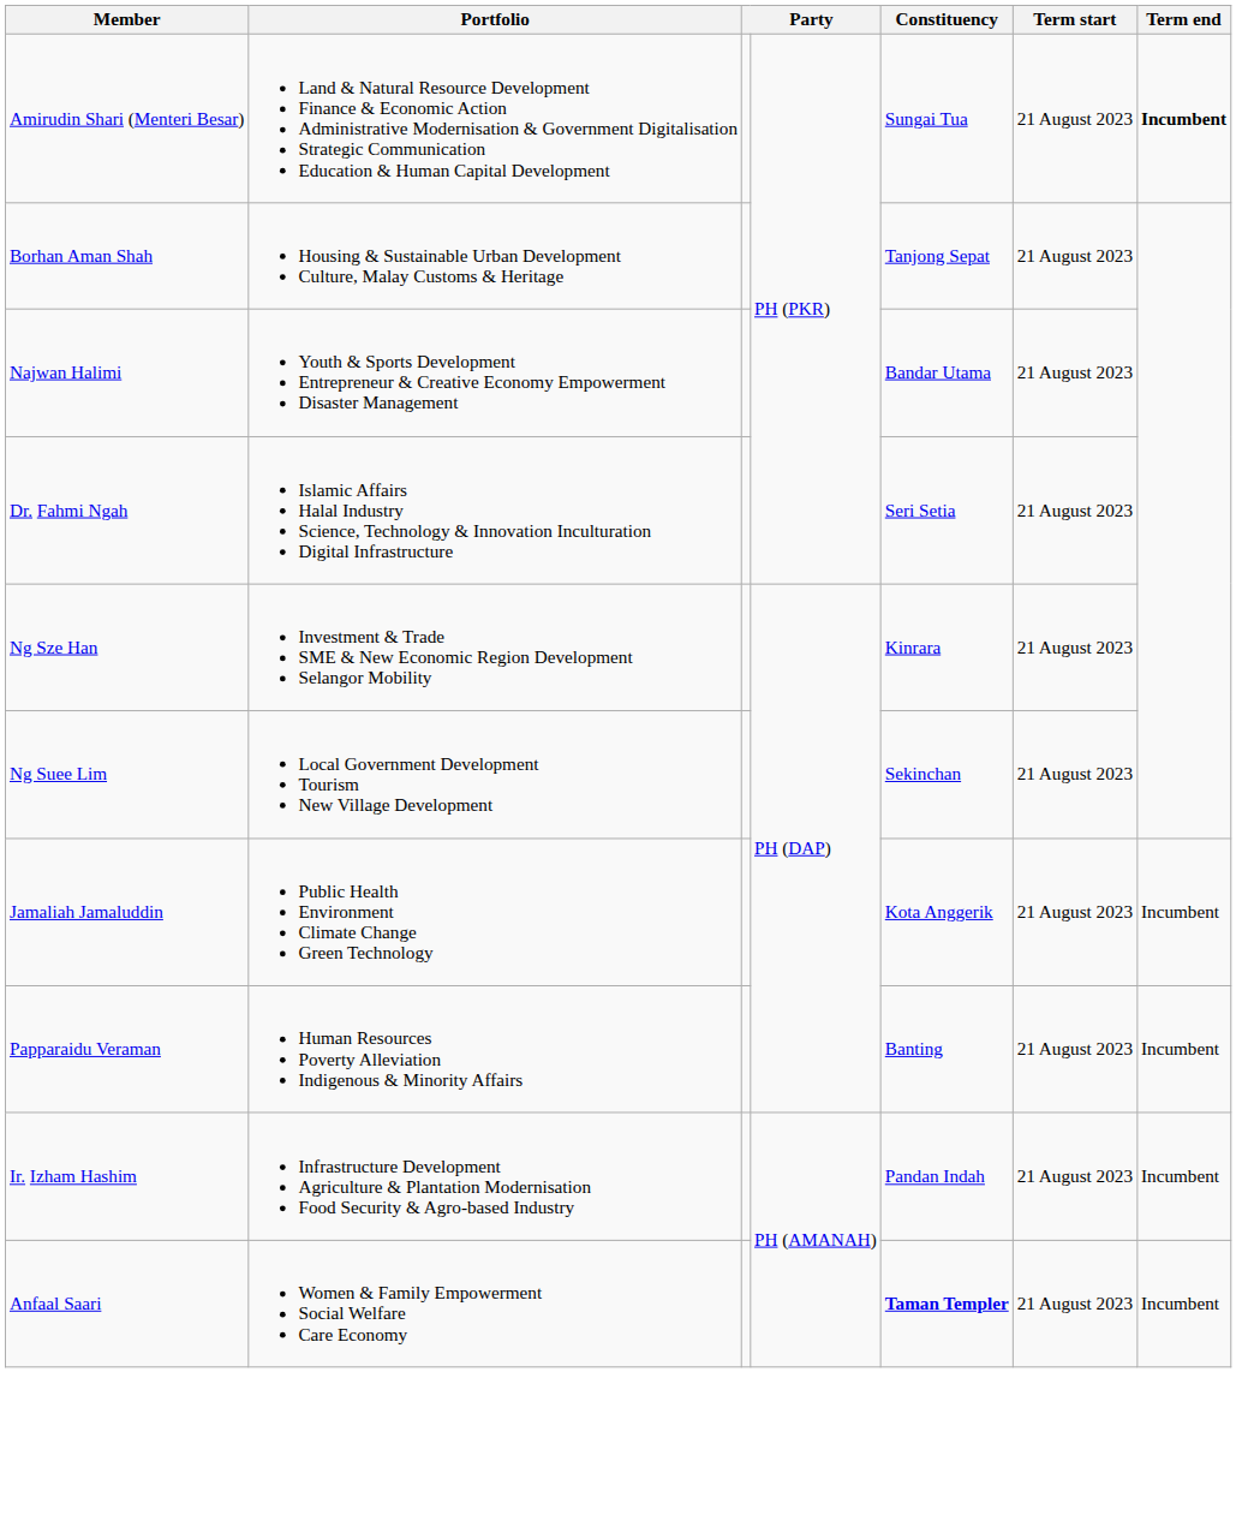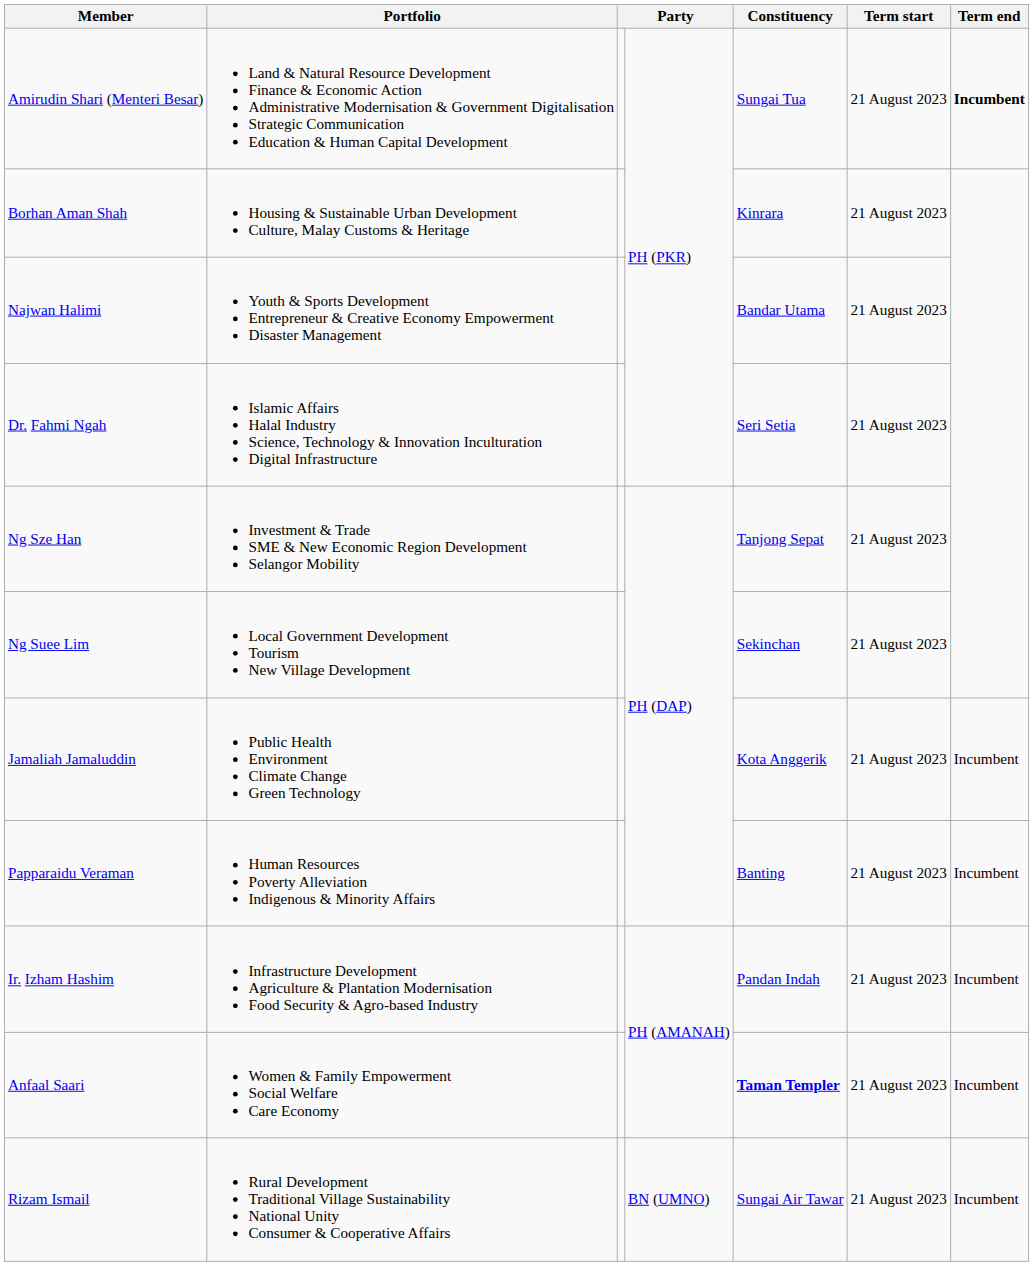 <table class="wikitable">
 <tr>
 <th>Member</th>
 <th>Portfolio</th>
 <th colspan=2>Party</th>
 <th>Constituency</th>
 <th>Term start</th>
 <th>Term end</th>
 </tr>
 <tr>
 <td><a href='#'>Amirudin Shari</a> (<a href='#'>Menteri Besar</a>)</td>
 <td><br><ul><li>Land & Natural Resource Development</li><li>Finance & Economic Action</li><li>Administrative Modernisation & Government Digitalisation</li><li>Strategic Communication</li><li>Education & Human Capital Development</li></ul></td>
 <td></td>
 <td rowspan="4"><a href='#'>PH</a> (<a href='#'>PKR</a>)</td>
 <td><a href='#'>Sungai Tua</a></td>
 <td>21 August 2023</td>
 <td><strong>Incumbent</strong></td>
 </tr>
 <tr>
 <td><a href='#'>Borhan Aman Shah</a></td>
 <td><br><ul><li>Housing & Sustainable Urban Development</li><li>Culture, Malay Customs & Heritage</li></ul></td>
 <td></td>
-<td><a href='#'>Tanjong Sepat</a></td>
+<td><a href='#'>Kinrara</a></td>
 <td>21 August 2023</td>
 </tr>
 <tr>
 <td><a href='#'>Najwan Halimi</a></td>
 <td><br><ul><li>Youth & Sports Development</li><li>Entrepreneur & Creative Economy Empowerment</li><li>Disaster Management</li></ul></td>
 <td></td>
 <td><a href='#'>Bandar Utama</a></td>
 <td>21 August 2023</td>
 </tr>
 <tr>
 <td><a href='#'>Dr.</a> <a href='#'>Fahmi Ngah</a></td>
 <td><br><ul><li>Islamic Affairs</li><li>Halal Industry</li><li>Science, Technology & Innovation Inculturation</li><li>Digital Infrastructure</li></ul></td>
 <td></td>
 <td><a href='#'>Seri Setia</a></td>
 <td>21 August 2023</td>
 </tr>
 <tr>
 <td><a href='#'>Ng Sze Han</a></td>
 <td><br><ul><li>Investment & Trade</li><li>SME & New Economic Region Development</li><li>Selangor Mobility</li></ul></td>
 <td></td>
 <td rowspan="4"><a href='#'>PH</a> (<a href='#'>DAP</a>)</td>
-<td><a href='#'>Kinrara</a></td>
+<td><a href='#'>Tanjong Sepat</a></td>
 <td>21 August 2023</td>
 </tr>
 <tr>
 <td><a href='#'>Ng Suee Lim</a></td>
 <td><br><ul><li>Local Government Development</li><li>Tourism</li><li>New Village Development</li></ul></td>
 <td></td>
 <td><a href='#'>Sekinchan</a></td>
 <td>21 August 2023</td>
 </tr>
 <tr>
 <td><a href='#'>Jamaliah Jamaluddin</a></td>
 <td><br><ul><li>Public Health</li><li>Environment</li><li>Climate Change</li><li>Green Technology</li></ul></td>
 <td></td>
 <td><a href='#'>Kota Anggerik</a></td>
 <td>21 August 2023</td>
 <td>Incumbent</td>
 </tr>
 <tr>
 <td><a href='#'>Papparaidu Veraman</a></td>
 <td><br><ul><li>Human Resources</li><li>Poverty Alleviation</li><li>Indigenous & Minority Affairs</li></ul></td>
 <td></td>
 <td><a href='#'>Banting</a></td>
 <td>21 August 2023</td>
 <td>Incumbent</td>
 </tr>
 <tr>
 <td><a href='#'>Ir.</a> <a href='#'>Izham Hashim</a></td>
 <td><br><ul><li>Infrastructure Development</li><li>Agriculture & Plantation Modernisation</li><li>Food Security & Agro-based Industry</li></ul></td>
 <td></td>
 <td rowspan="2"><a href='#'>PH</a> (<a href='#'>AMANAH</a>)</td>
 <td><a href='#'>Pandan Indah</a></td>
 <td>21 August 2023</td>
 <td>Incumbent</td>
 </tr>
 <tr>
 <td><a href='#'>Anfaal Saari</a></td>
 <td><br><ul><li>Women & Family Empowerment</li><li>Social Welfare</li><li>Care Economy</li></ul></td>
 <td></td>
 <td><strong><a href='#'>Taman Templer</a></strong></td>
 <td>21 August 2023</td>
 <td>Incumbent</td>
 </tr>
+<tr>
+<td><a href='#'>Rizam Ismail</a></td>
+<td><br><ul><li>Rural Development</li><li>Traditional Village Sustainability</li><li>National Unity</li><li>Consumer & Cooperative Affairs</li></ul></td>
+<td></td>
+<td><a href='#'>BN</a> (<a href='#'>UMNO</a>)</td>
+<td><a href='#'>Sungai Air Tawar</a></td>
+<td>21 August 2023</td>
+<td>Incumbent</td>
+</tr>
 </table>
